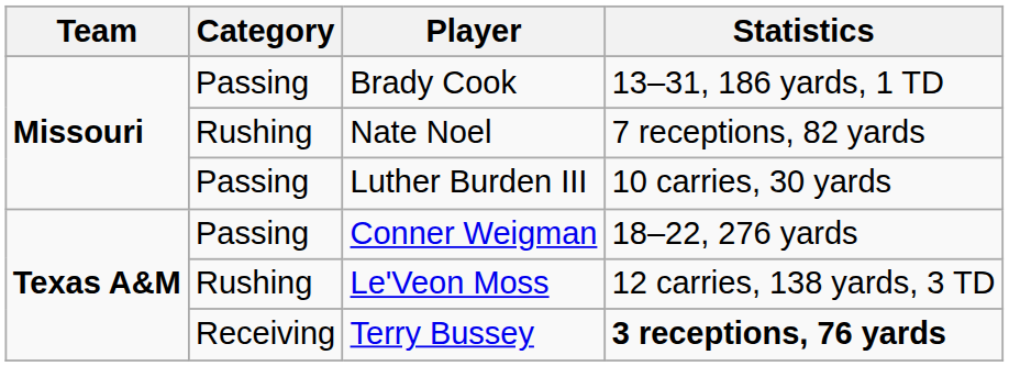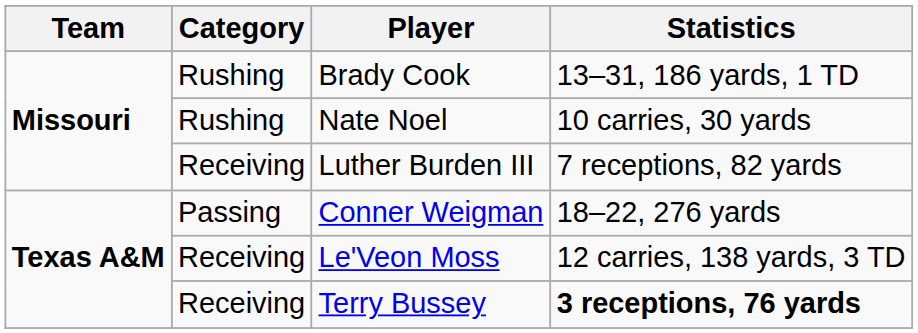 <table class="wikitable" style="float: right;">
 <tr>
 <th>Team</th>
 <th>Category</th>
 <th>Player</th>
 <th>Statistics</th>
 </tr>
 <tr>
 <td rowspan=3><strong>Missouri</strong></td>
-<td>Passing</td>
+<td>Rushing</td>
 <td>Brady Cook</td>
 <td>13–31, 186 yards, 1 TD</td>
 </tr>
 <tr>
 <td>Rushing</td>
 <td>Nate Noel</td>
-<td>7 receptions, 82 yards</td>
+<td>10 carries, 30 yards</td>
 </tr>
 <tr>
-<td>Passing</td>
+<td>Receiving</td>
 <td>Luther Burden III</td>
-<td>10 carries, 30 yards</td>
+<td>7 receptions, 82 yards</td>
 </tr>
 <tr>
 <td rowspan=3><strong>Texas A&M</strong></td>
 <td>Passing</td>
 <td><a href='#'>Conner Weigman</a></td>
 <td>18–22, 276 yards</td>
 </tr>
 <tr>
-<td>Rushing</td>
+<td>Receiving</td>
 <td><a href='#'>Le'Veon Moss</a></td>
 <td>12 carries, 138 yards, 3 TD</td>
 </tr>
 <tr>
 <td>Receiving</td>
 <td><a href='#'>Terry Bussey</a></td>
 <td><strong>3 receptions, 76 yards</strong></td>
 </tr>
 </table>
